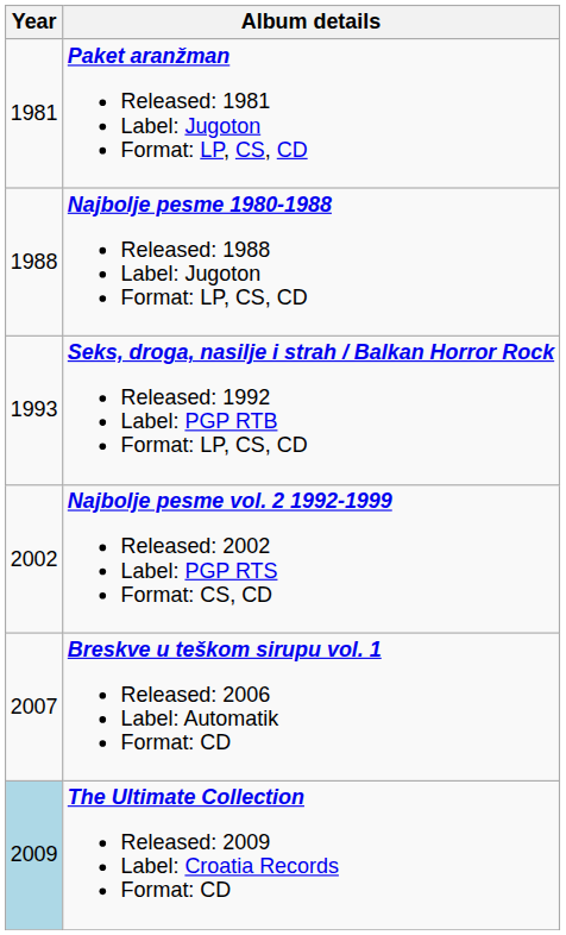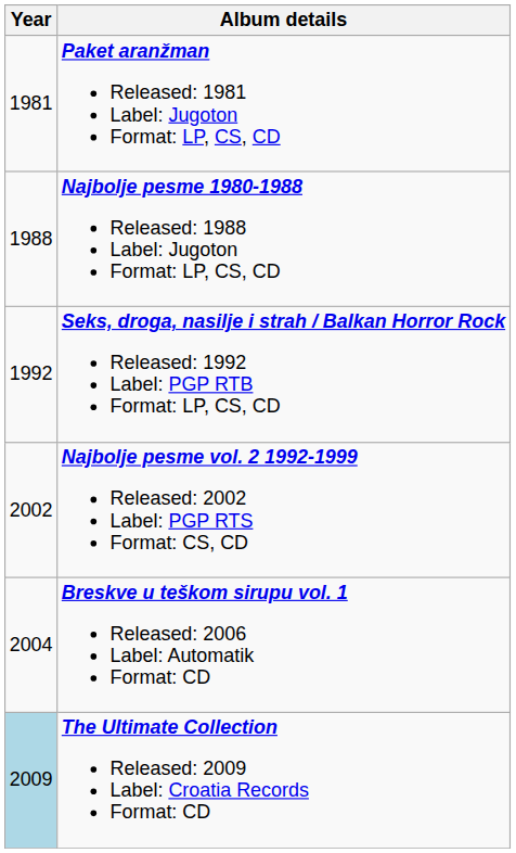 <table class ="wikitable">
 <tr>
 <th>Year</th>
 <th>Album details</th>
 </tr>
 <tr>
 <td style="text-align:center;">1981</td>
 <td><strong><em><a href='#'>Paket aranžman</a></em></strong><br><ul><li>Released: 1981</li><li>Label: <a href='#'>Jugoton</a></li><li>Format: <a href='#'>LP</a>, <a href='#'>CS</a>, <a href='#'>CD</a></li></ul></td>
 </tr>
 <tr>
 <td style="text-align:center;">1988</td>
 <td><strong><em><a href='#'>Najbolje pesme 1980-1988</a></em></strong><br><ul><li>Released: 1988</li><li>Label: Jugoton</li><li>Format: LP, CS, CD</li></ul></td>
 </tr>
 <tr>
-<td style="text-align:center;">1993</td>
+<td style="text-align:center;">1992</td>
 <td><strong><em><a href='#'>Seks, droga, nasilje i strah / Balkan Horror Rock</a></em></strong><br><ul><li>Released: 1992</li><li>Label: <a href='#'>PGP RTB</a></li><li>Format: LP, CS, CD</li></ul></td>
 </tr>
 <tr>
 <td style="text-align:center;">2002</td>
 <td><strong><em><a href='#'>Najbolje pesme vol. 2 1992-1999</a></em></strong><br><ul><li>Released: 2002</li><li>Label: <a href='#'>PGP RTS</a></li><li>Format: CS, CD</li></ul></td>
 </tr>
 <tr>
-<td style="text-align:center;">2007</td>
+<td style="text-align:center;">2004</td>
 <td><strong><em><a href='#'>Breskve u teškom sirupu vol. 1</a></em></strong><br><ul><li>Released: 2006</li><li>Label: Automatik</li><li>Format: CD</li></ul></td>
 </tr>
 <tr>
 <td style="background: lightblue; text-align:center;">2009</td>
 <td><strong><em><a href='#'>The Ultimate Collection</a></em></strong><br><ul><li>Released: 2009</li><li>Label: <a href='#'>Croatia Records</a></li><li>Format: CD</li></ul></td>
 </tr>
 </table>
